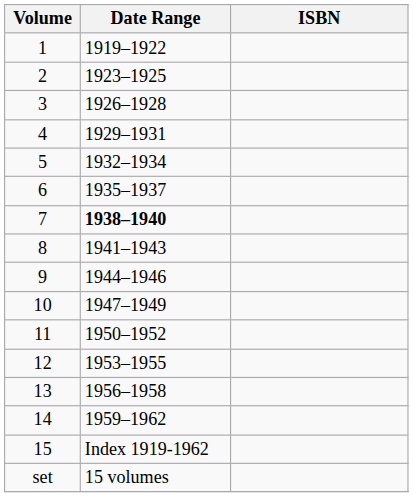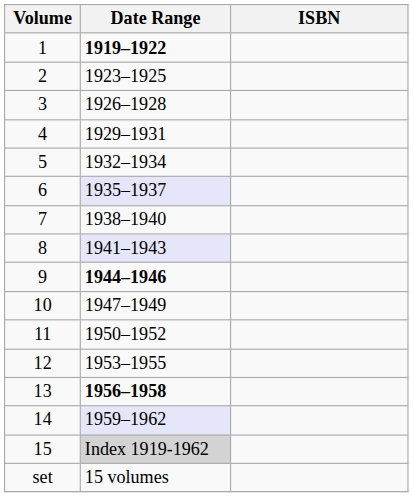 <table class="wikitable">
 <tr>
 <th width="60">Volume</th>
 <th width="125">Date Range</th>
 <th width="150">ISBN</th>
 </tr>
 <tr>
 <td align=center>1</td>
-<td>1919–1922</td>
+<td><strong>1919–1922</strong></td>
 <td></td>
 </tr>
 <tr>
 <td align=center>2</td>
 <td>1923–1925</td>
 <td></td>
 </tr>
 <tr>
 <td align=center>3</td>
 <td>1926–1928</td>
 <td></td>
 </tr>
 <tr>
 <td align=center>4</td>
 <td>1929–1931</td>
 <td></td>
 </tr>
 <tr>
 <td align=center>5</td>
 <td>1932–1934</td>
 <td></td>
 </tr>
 <tr>
 <td align=center>6</td>
-<td>1935–1937</td>
+<td style="background: lavender;">1935–1937</td>
 <td></td>
 </tr>
 <tr>
 <td align=center>7</td>
-<td><strong>1938–1940</strong></td>
+<td>1938–1940</td>
 <td></td>
 </tr>
 <tr>
 <td align=center>8</td>
-<td>1941–1943</td>
+<td style="background: lavender;">1941–1943</td>
 <td></td>
 </tr>
 <tr>
 <td align=center>9</td>
-<td>1944–1946</td>
+<td><strong>1944–1946</strong></td>
 <td></td>
 </tr>
 <tr>
 <td align=center>10</td>
 <td>1947–1949</td>
 <td></td>
 </tr>
 <tr>
 <td align=center>11</td>
 <td>1950–1952</td>
 <td></td>
 </tr>
 <tr>
 <td align=center>12</td>
 <td>1953–1955</td>
 <td></td>
 </tr>
 <tr>
 <td align=center>13</td>
-<td>1956–1958</td>
+<td><strong>1956–1958</strong></td>
 <td></td>
 </tr>
 <tr>
 <td align=center>14</td>
-<td>1959–1962</td>
+<td style="background: lavender;">1959–1962</td>
 <td></td>
 </tr>
 <tr>
 <td align=center>15</td>
-<td>Index 1919-1962</td>
+<td style="background: lightgrey;">Index 1919-1962</td>
 <td></td>
 </tr>
 <tr>
 <td align=center>set</td>
 <td>15 volumes</td>
 <td></td>
 </tr>
 <tr>
 </tr>
 </table>
